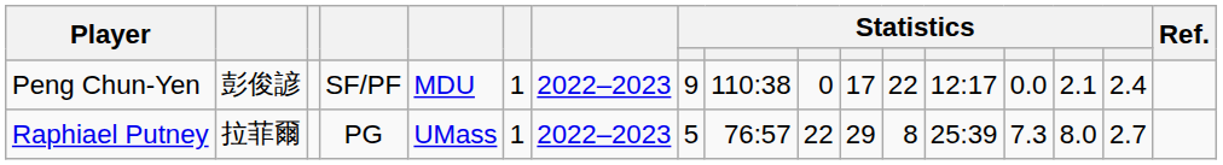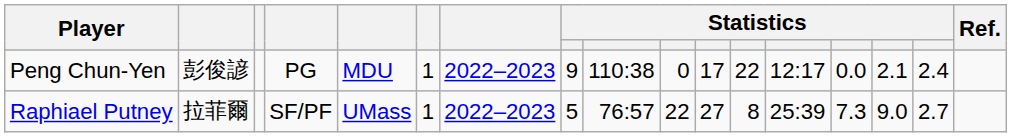 <table class="wikitable sortable" style="font-size:95%; text-align:right;">
 <tr>
 <th rowspan="2">Player</th>
 <th rowspan="2"></th>
 <th rowspan="2"></th>
 <th rowspan="2"></th>
 <th rowspan="2"></th>
 <th rowspan="2"></th>
 <th rowspan="2"></th>
 <th colspan="9">Statistics</th>
 <th rowspan="2">Ref.</th>
 </tr>
 <tr>
 <th></th>
 <th></th>
 <th></th>
 <th></th>
 <th></th>
 <th></th>
 <th></th>
 <th></th>
 <th></th>
 </tr>
 <tr>
 <td align="left">Peng Chun-Yen</td>
 <td align="left">彭俊諺</td>
 <td align="center"></td>
-<td align="center">SF/PF</td>
+<td align="center">PG</td>
 <td align="left"><a href='#'>MDU</a></td>
 <td align="center">1</td>
 <td align="center"><a href='#'>2022–2023</a></td>
 <td>9</td>
 <td>110:38</td>
 <td>0</td>
 <td>17</td>
 <td>22</td>
 <td>12:17</td>
 <td>0.0</td>
 <td>2.1</td>
 <td>2.4</td>
 <td align="center"></td>
 </tr>
 <tr>
 <td align="left"><a href='#'>Raphiael Putney</a></td>
 <td align="left">拉菲爾</td>
 <td align="center"></td>
-<td align="center">PG</td>
+<td align="center">SF/PF</td>
 <td align="left"><a href='#'>UMass</a></td>
 <td align="center">1</td>
 <td align="center"><a href='#'>2022–2023</a></td>
 <td>5</td>
 <td>76:57</td>
 <td>22</td>
-<td>29</td>
+<td>27</td>
 <td>8</td>
 <td>25:39</td>
 <td>7.3</td>
-<td>8.0</td>
+<td>9.0</td>
 <td>2.7</td>
 <td align="center"></td>
 </tr>
 </table>
